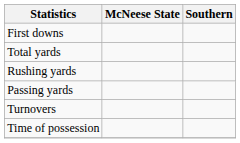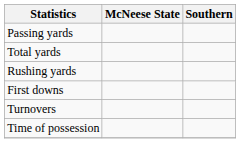 <table class="wikitable">
 <tr>
 <th>Statistics</th>
 <th>McNeese State</th>
 <th>Southern</th>
 </tr>
 <tr>
-<td>First downs</td>
+<td>Passing yards</td>
 <td> </td>
 <td> </td>
 </tr>
 <tr>
 <td>Total yards</td>
 <td> </td>
 <td> </td>
 </tr>
 <tr>
 <td>Rushing yards</td>
 <td> </td>
 <td> </td>
 </tr>
 <tr>
-<td>Passing yards</td>
+<td>First downs</td>
 <td> </td>
 <td> </td>
 </tr>
 <tr>
 <td>Turnovers</td>
 <td> </td>
 <td> </td>
 </tr>
 <tr>
 <td>Time of possession</td>
 <td> </td>
 <td> </td>
 </tr>
 <tr>
 </tr>
 </table>
